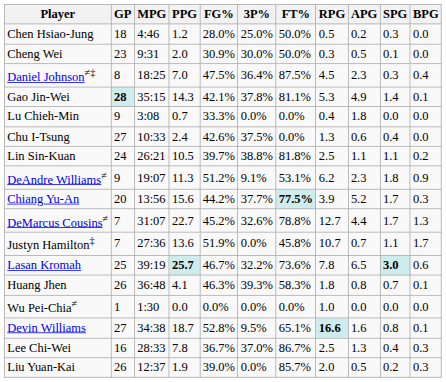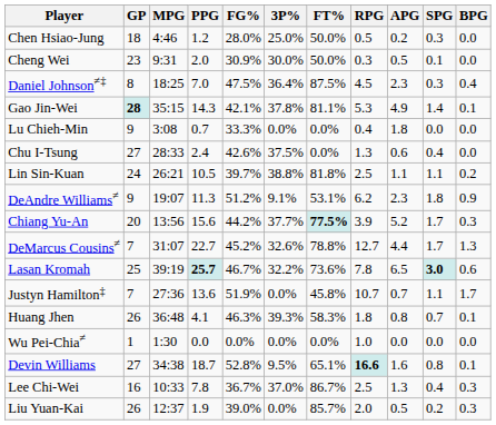 <table class="wikitable">
 <tr>
 <th>Player</th>
 <th>GP</th>
 <th>MPG</th>
 <th>PPG</th>
 <th>FG%</th>
 <th>3P%</th>
 <th>FT%</th>
 <th>RPG</th>
 <th>APG</th>
 <th>SPG</th>
 <th>BPG</th>
 </tr>
 <tr>
 <td>Chen Hsiao-Jung</td>
 <td>18</td>
 <td>4:46</td>
 <td>1.2</td>
 <td>28.0%</td>
 <td>25.0%</td>
 <td>50.0%</td>
 <td>0.5</td>
 <td>0.2</td>
 <td>0.3</td>
 <td>0.0</td>
 </tr>
 <tr>
 <td>Cheng Wei</td>
 <td>23</td>
 <td>9:31</td>
 <td>2.0</td>
 <td>30.9%</td>
 <td>30.0%</td>
 <td>50.0%</td>
 <td>0.3</td>
 <td>0.5</td>
 <td>0.1</td>
 <td>0.0</td>
 </tr>
 <tr>
 <td><a href='#'>Daniel Johnson</a><sup>≠‡</sup></td>
 <td>8</td>
 <td>18:25</td>
 <td>7.0</td>
 <td>47.5%</td>
 <td>36.4%</td>
 <td>87.5%</td>
 <td>4.5</td>
 <td>2.3</td>
 <td>0.3</td>
 <td>0.4</td>
 </tr>
 <tr>
 <td>Gao Jin-Wei</td>
 <td style="background-color: #CFECEC"><strong>28</strong></td>
 <td>35:15</td>
 <td>14.3</td>
 <td>42.1%</td>
 <td>37.8%</td>
 <td>81.1%</td>
 <td>5.3</td>
 <td>4.9</td>
 <td>1.4</td>
 <td>0.1</td>
 </tr>
 <tr>
 <td>Lu Chieh-Min</td>
 <td>9</td>
 <td>3:08</td>
 <td>0.7</td>
 <td>33.3%</td>
 <td>0.0%</td>
 <td>0.0%</td>
 <td>0.4</td>
 <td>1.8</td>
 <td>0.0</td>
 <td>0.0</td>
 </tr>
 <tr>
 <td>Chu I-Tsung</td>
 <td>27</td>
-<td>10:33</td>
+<td>28:33</td>
 <td>2.4</td>
 <td>42.6%</td>
 <td>37.5%</td>
 <td>0.0%</td>
 <td>1.3</td>
 <td>0.6</td>
 <td>0.4</td>
 <td>0.0</td>
 </tr>
 <tr>
 <td>Lin Sin-Kuan</td>
 <td>24</td>
 <td>26:21</td>
 <td>10.5</td>
 <td>39.7%</td>
 <td>38.8%</td>
 <td>81.8%</td>
 <td>2.5</td>
 <td>1.1</td>
 <td>1.1</td>
 <td>0.2</td>
 </tr>
 <tr>
 <td><a href='#'>DeAndre Williams</a><sup>≠</sup></td>
 <td>9</td>
 <td>19:07</td>
 <td>11.3</td>
 <td>51.2%</td>
 <td>9.1%</td>
 <td>53.1%</td>
 <td>6.2</td>
 <td>2.3</td>
 <td>1.8</td>
 <td>0.9</td>
 </tr>
 <tr>
 <td><a href='#'>Chiang Yu-An</a></td>
 <td>20</td>
 <td>13:56</td>
 <td>15.6</td>
 <td>44.2%</td>
 <td>37.7%</td>
 <td style="background-color: #CFECEC"><strong>77.5%</strong></td>
 <td>3.9</td>
 <td>5.2</td>
 <td>1.7</td>
 <td>0.3</td>
 </tr>
 <tr>
 <td><a href='#'>DeMarcus Cousins</a><sup>≠</sup></td>
 <td>7</td>
 <td>31:07</td>
 <td>22.7</td>
 <td>45.2%</td>
 <td>32.6%</td>
 <td>78.8%</td>
 <td>12.7</td>
 <td>4.4</td>
 <td>1.7</td>
 <td>1.3</td>
 </tr>
 <tr>
+<td><a href='#'>Lasan Kromah</a></td>
+<td>25</td>
+<td>39:19</td>
+<td style="background-color: #CFECEC"><strong>25.7</strong></td>
+<td>46.7%</td>
+<td>32.2%</td>
+<td>73.6%</td>
+<td>7.8</td>
+<td>6.5</td>
+<td style="background-color: #CFECEC"><strong>3.0</strong></td>
+<td>0.6</td>
+</tr>
+<tr>
 <td>Justyn Hamilton<sup>‡</sup></td>
 <td>7</td>
 <td>27:36</td>
 <td>13.6</td>
 <td>51.9%</td>
 <td>0.0%</td>
 <td>45.8%</td>
 <td>10.7</td>
 <td>0.7</td>
 <td>1.1</td>
 <td>1.7</td>
-</tr>
-<tr>
-<td><a href='#'>Lasan Kromah</a></td>
-<td>25</td>
-<td>39:19</td>
-<td style="background-color: #CFECEC"><strong>25.7</strong></td>
-<td>46.7%</td>
-<td>32.2%</td>
-<td>73.6%</td>
-<td>7.8</td>
-<td>6.5</td>
-<td style="background-color: #CFECEC"><strong>3.0</strong></td>
-<td>0.6</td>
 </tr>
 <tr>
 <td>Huang Jhen</td>
 <td>26</td>
 <td>36:48</td>
 <td>4.1</td>
 <td>46.3%</td>
 <td>39.3%</td>
 <td>58.3%</td>
 <td>1.8</td>
 <td>0.8</td>
 <td>0.7</td>
 <td>0.1</td>
 </tr>
 <tr>
 <td>Wu Pei-Chia<sup>≠</sup></td>
 <td>1</td>
 <td>1:30</td>
 <td>0.0</td>
 <td>0.0%</td>
 <td>0.0%</td>
 <td>0.0%</td>
 <td>1.0</td>
 <td>0.0</td>
 <td>0.0</td>
 <td>0.0</td>
 </tr>
 <tr>
 <td><a href='#'>Devin Williams</a></td>
 <td>27</td>
 <td>34:38</td>
 <td>18.7</td>
 <td>52.8%</td>
 <td>9.5%</td>
 <td>65.1%</td>
 <td style="background-color: #CFECEC"><strong>16.6</strong></td>
 <td>1.6</td>
 <td>0.8</td>
 <td>0.1</td>
 </tr>
 <tr>
 <td>Lee Chi-Wei</td>
 <td>16</td>
-<td>28:33</td>
+<td>10:33</td>
 <td>7.8</td>
 <td>36.7%</td>
 <td>37.0%</td>
 <td>86.7%</td>
 <td>2.5</td>
 <td>1.3</td>
 <td>0.4</td>
 <td>0.3</td>
 </tr>
 <tr>
 <td>Liu Yuan-Kai</td>
 <td>26</td>
 <td>12:37</td>
 <td>1.9</td>
 <td>39.0%</td>
 <td>0.0%</td>
 <td>85.7%</td>
 <td>2.0</td>
 <td>0.5</td>
 <td>0.2</td>
 <td>0.3</td>
 </tr>
 </table>
